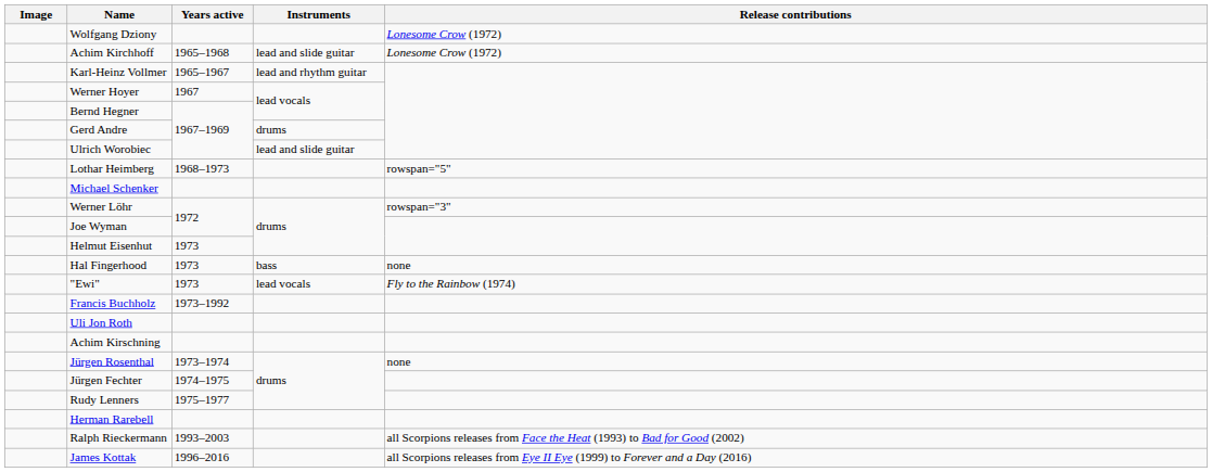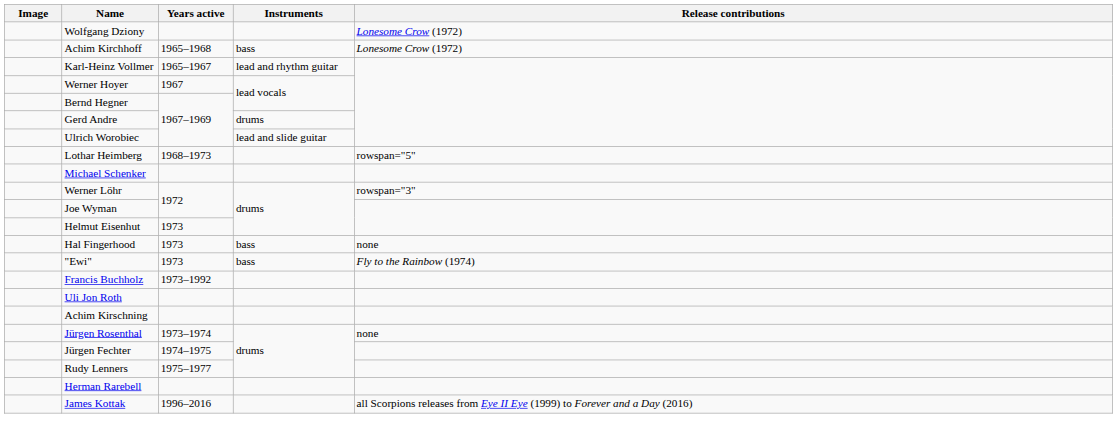 <table class="wikitable" style="width:100%;">
 <tr>
 <th width="75">Image</th>
 <th style="width:130px;">Name</th>
 <th style="width:100px;">Years active</th>
 <th style="width:165px;">Instruments</th>
 <th>Release contributions</th>
 </tr>
 <tr>
 <td></td>
 <td>Wolfgang Dziony</td>
 <td></td>
 <td></td>
 <td><em><a href='#'>Lonesome Crow</a></em> (1972)</td>
 </tr>
 <tr>
 <td></td>
 <td>Achim Kirchhoff</td>
 <td>1965–1968 </td>
-<td>lead and slide guitar</td>
+<td>bass</td>
 <td><em>Lonesome Crow</em> (1972)</td>
 </tr>
 <tr>
 <td></td>
 <td>Karl-Heinz Vollmer</td>
 <td>1965–1967</td>
 <td>lead and rhythm guitar</td>
 </tr>
 <tr>
 <td></td>
 <td>Werner Hoyer</td>
 <td>1967</td>
 <td rowspan="2">lead vocals</td>
 </tr>
 <tr>
 <td></td>
 <td>Bernd Hegner</td>
 <td rowspan="3">1967–1969</td>
 </tr>
 <tr>
 <td></td>
 <td>Gerd Andre</td>
 <td>drums</td>
 </tr>
 <tr>
 <td></td>
 <td>Ulrich Worobiec</td>
 <td>lead and slide guitar</td>
 </tr>
 <tr>
 <td></td>
 <td>Lothar Heimberg</td>
 <td>1968–1973</td>
 <td></td>
 <td>rowspan="5" </td>
 </tr>
 <tr>
 <td></td>
 <td><a href='#'>Michael Schenker</a></td>
 <td></td>
 <td></td>
 <td></td>
 </tr>
 <tr>
 <td></td>
 <td>Werner Löhr</td>
 <td rowspan="2">1972</td>
 <td rowspan="3">drums</td>
 <td>rowspan="3" </td>
 </tr>
 <tr>
 <td></td>
 <td>Joe Wyman</td>
 </tr>
 <tr>
 <td></td>
 <td>Helmut Eisenhut</td>
 <td>1973 </td>
 </tr>
 <tr>
 <td></td>
 <td>Hal Fingerhood</td>
 <td>1973</td>
 <td>bass</td>
 <td>none</td>
 </tr>
 <tr>
 <td></td>
 <td>"Ewi"</td>
 <td>1973</td>
-<td>lead vocals</td>
+<td>bass</td>
 <td><em>Fly to the Rainbow</em> (1974)</td>
 </tr>
 <tr>
 <td></td>
 <td><a href='#'>Francis Buchholz</a></td>
 <td>1973–1992</td>
 <td></td>
 <td></td>
 </tr>
 <tr>
 <td></td>
 <td><a href='#'>Uli Jon Roth</a></td>
 <td></td>
 <td></td>
 <td></td>
 </tr>
 <tr>
 <td></td>
 <td>Achim Kirschning</td>
 <td></td>
 <td></td>
 <td></td>
 </tr>
 <tr>
 <td></td>
 <td><a href='#'>Jürgen Rosenthal</a></td>
 <td>1973–1974</td>
 <td rowspan="3">drums</td>
 <td>none</td>
 </tr>
 <tr>
 <td></td>
 <td>Jürgen Fechter</td>
 <td>1974–1975</td>
 <td></td>
 </tr>
 <tr>
 <td></td>
 <td>Rudy Lenners</td>
 <td>1975–1977</td>
 <td></td>
 </tr>
 <tr>
 <td></td>
 <td><a href='#'>Herman Rarebell</a></td>
 <td></td>
 <td></td>
 <td></td>
 </tr>
 <tr>
 <td></td>
-<td>Ralph Rieckermann</td>
-<td>1993–2003</td>
-<td></td>
-<td>all Scorpions releases from <em><a href='#'>Face the Heat</a></em> (1993) to <em><a href='#'>Bad for Good</a></em> (2002) </td>
-</tr>
-<tr>
-<td></td>
 <td><a href='#'>James Kottak</a></td>
 <td>1996–2016 </td>
 <td></td>
 <td>all Scorpions releases from <em><a href='#'>Eye II Eye</a></em> (1999) to <em>Forever and a Day</em> (2016)</td>
 </tr>
 </table>
